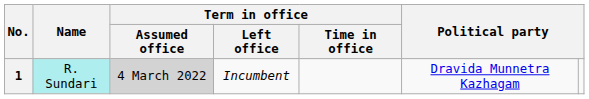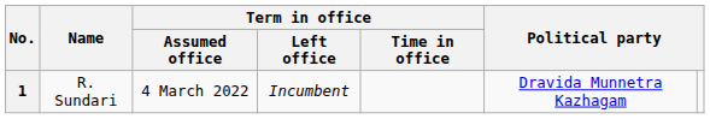 <table class="wikitable" style="text-align:center">
 <tr>
 <th rowspan="2">No.</th>
 <th rowspan="2">Name</th>
 <th colspan="3">Term in office</th>
 <th colspan="2" rowspan="2">Political party</th>
 </tr>
 <tr>
 <th>Assumed office</th>
 <th>Left office</th>
 <th>Time in office</th>
 </tr>
 <tr>
 <th>1</th>
-<td style="background: paleturquoise;">R. Sundari</td>
-<td style="background: lightgrey;">4 March 2022</td>
+<td>R. Sundari</td>
+<td>4 March 2022</td>
 <td><em>Incumbent</em></td>
 <td></td>
 <td><a href='#'>Dravida Munnetra Kazhagam</a></td>
 <td style="background:"></td>
 </tr>
 </table>
